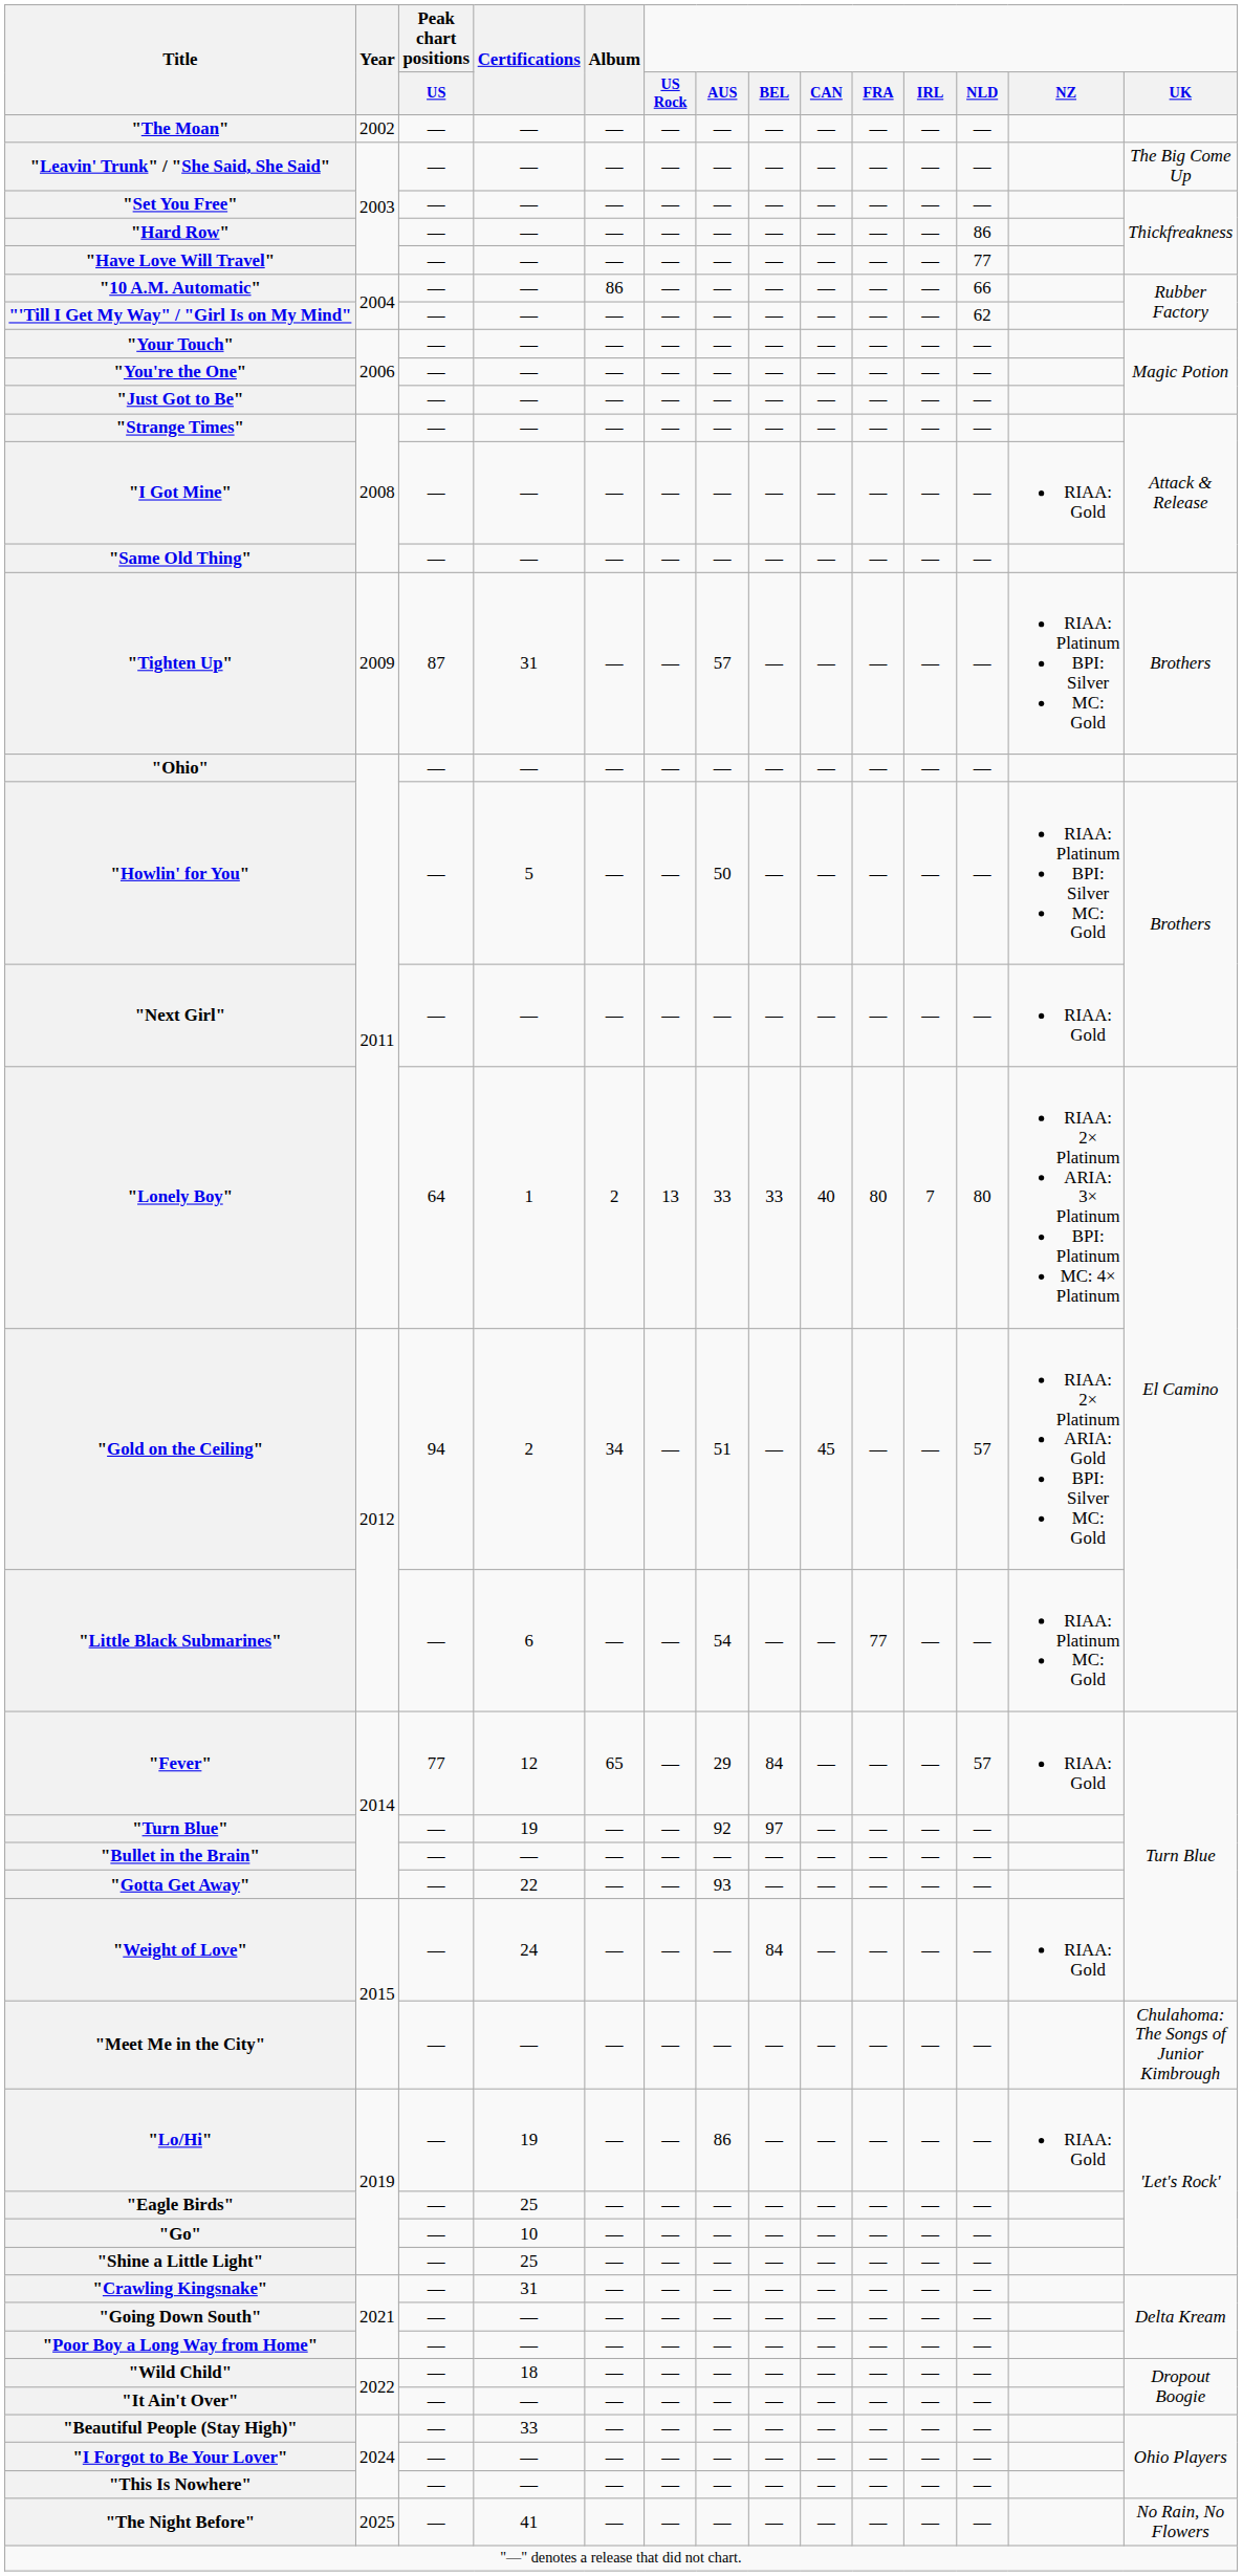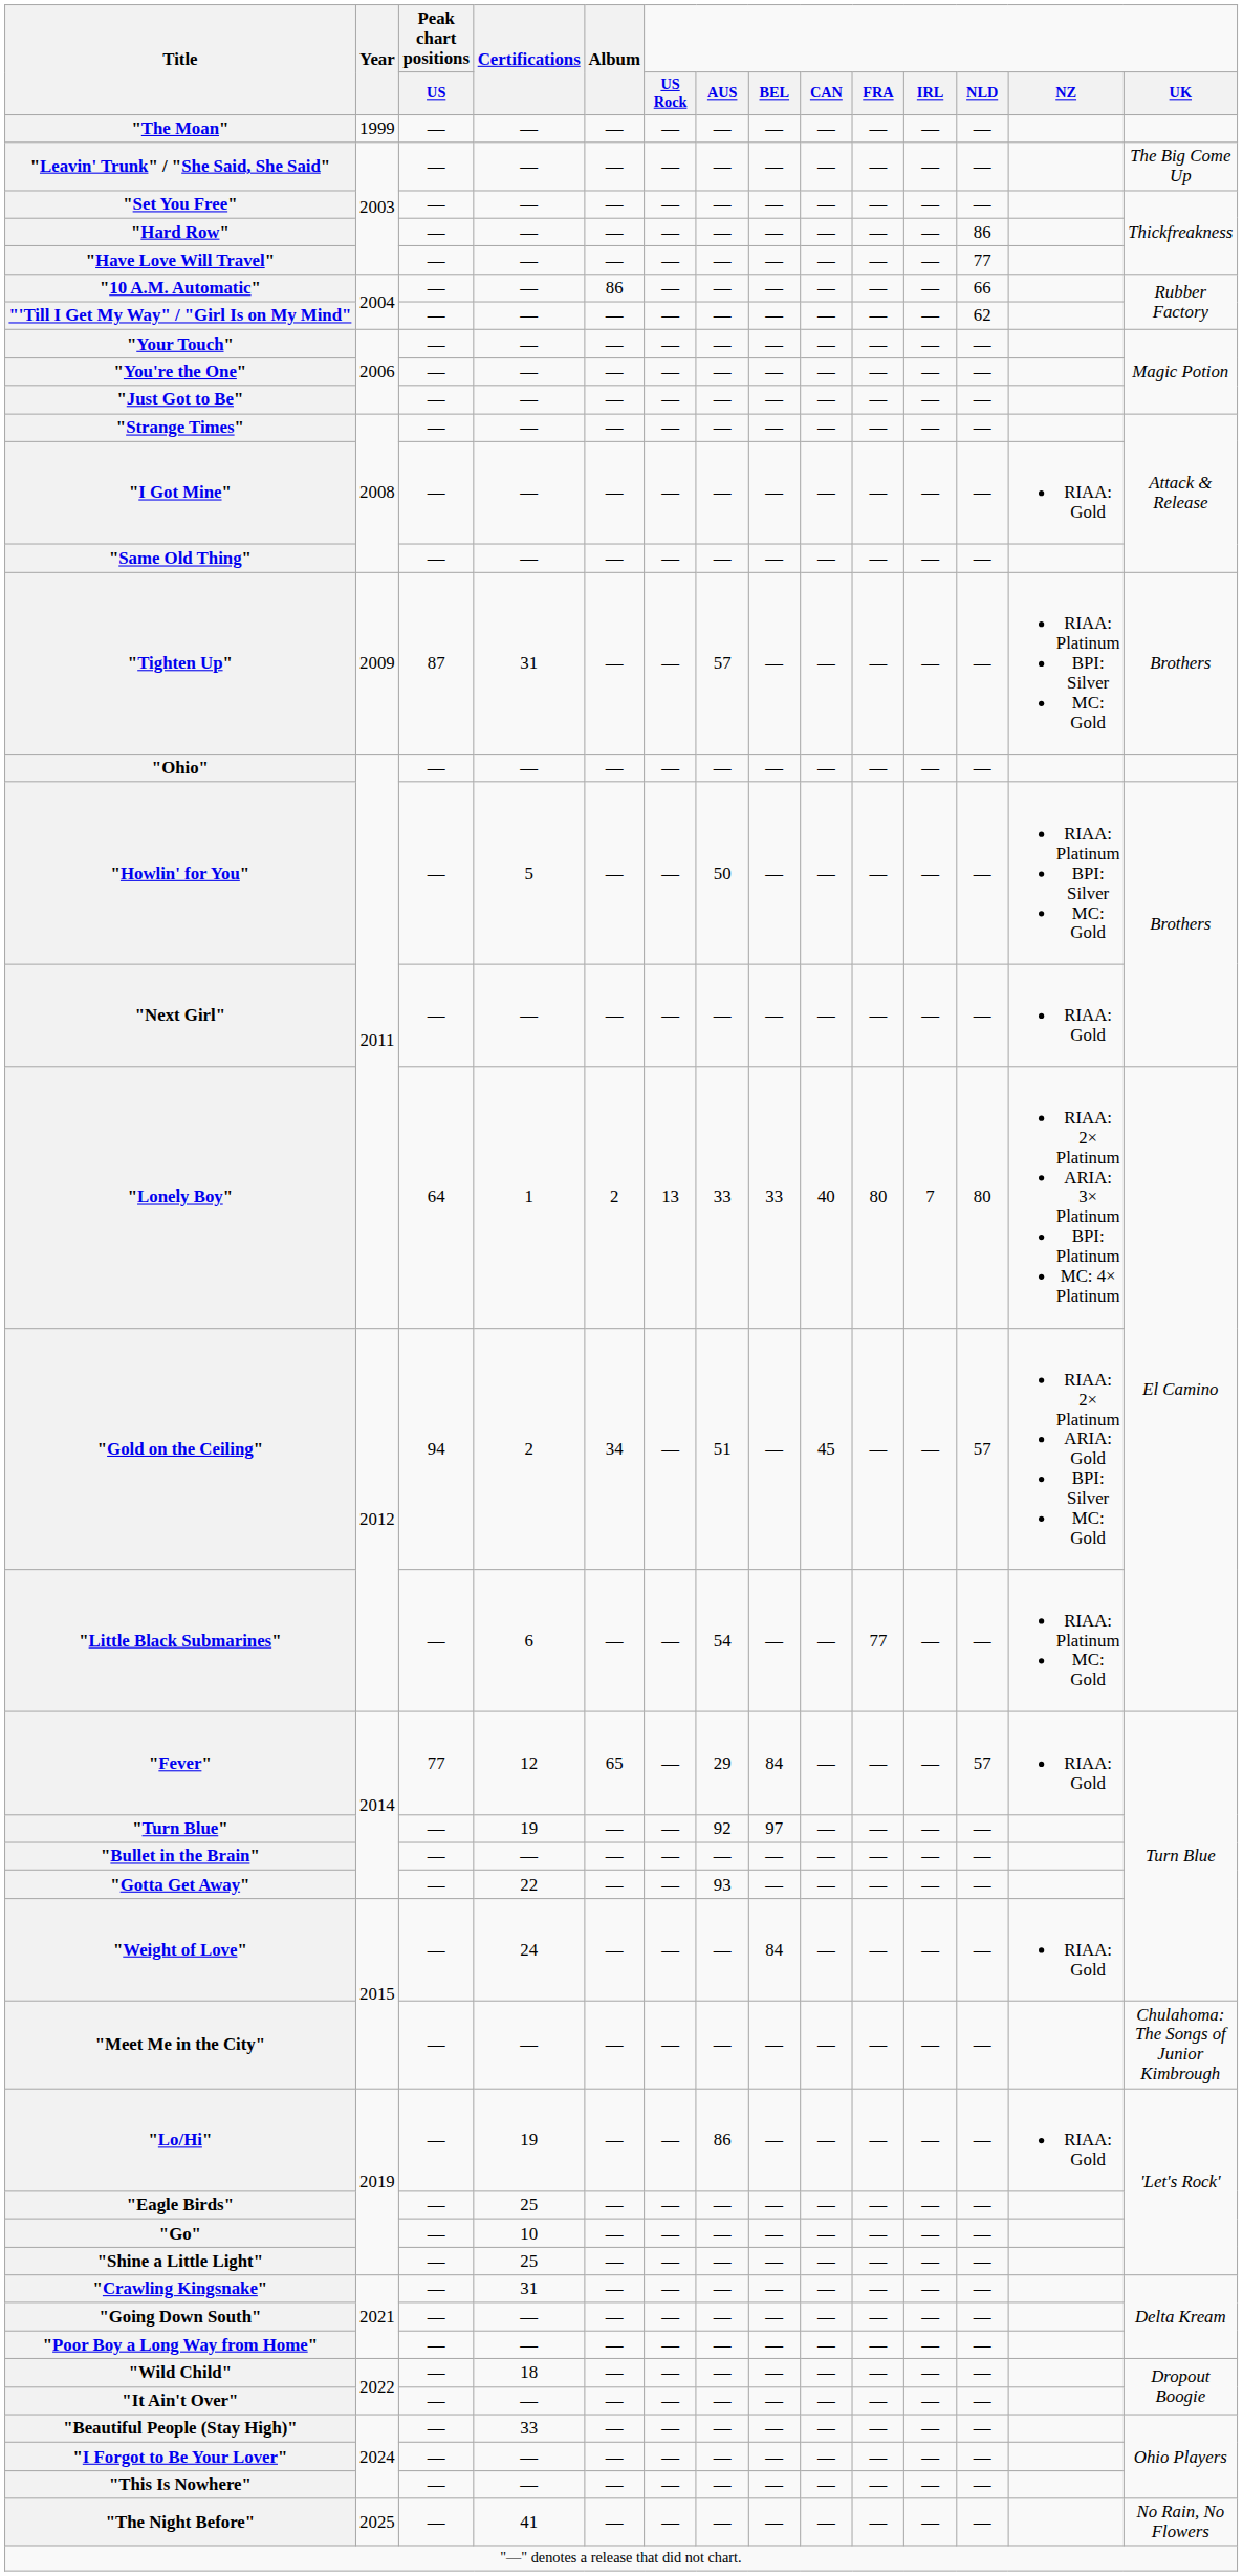 <table class="wikitable plainrowheaders" style="text-align:center;">
 <tr>
 <th scope="col" rowspan="2">Title</th>
 <th scope="col" rowspan="2">Year</th>
 <th scope="col" colspan="1">Peak chart positions</th>
 <th scope="col" rowspan="2"><a href='#'>Certifications</a></th>
 <th scope="col" rowspan="2">Album</th>
 </tr>
 <tr>
 <th scope="col" style="width:3em;font-size:85%"><a href='#'>US</a><br></th>
 <th scope="col" style="width:3em;font-size:85%"><a href='#'>US<br>Rock</a><br></th>
 <th scope="col" style="width:3em;font-size:85%"><a href='#'>AUS</a><br></th>
 <th scope="col" style="width:3em;font-size:85%"><a href='#'>BEL</a><br></th>
 <th scope="col" style="width:3em;font-size:85%"><a href='#'>CAN</a><br></th>
 <th scope="col" style="width:3em;font-size:85%"><a href='#'>FRA</a><br></th>
 <th scope="col" style="width:3em;font-size:85%"><a href='#'>IRL</a><br></th>
 <th scope="col" style="width:3em;font-size:85%"><a href='#'>NLD</a><br></th>
 <th scope="col" style="width:3em;font-size:85%"><a href='#'>NZ</a><br></th>
 <th scope="col" style="width:3em;font-size:85%"><a href='#'>UK</a><br></th>
 </tr>
 <tr>
 <th scope="row">"<a href='#'>The Moan</a>"</th>
-<td>2002</td>
+<td>1999</td>
 <td>—</td>
 <td>—</td>
 <td>—</td>
 <td>—</td>
 <td>—</td>
 <td>—</td>
 <td>—</td>
 <td>—</td>
 <td>—</td>
 <td>—</td>
 <td></td>
 <td></td>
 </tr>
 <tr>
 <th scope="row">"<a href='#'>Leavin' Trunk</a>" / "<a href='#'>She Said, She Said</a>"</th>
 <td rowspan="4">2003</td>
 <td>—</td>
 <td>—</td>
 <td>—</td>
 <td>—</td>
 <td>—</td>
 <td>—</td>
 <td>—</td>
 <td>—</td>
 <td>—</td>
 <td>—</td>
 <td></td>
 <td><em>The Big Come Up</em></td>
 </tr>
 <tr>
 <th scope="row">"<a href='#'>Set You Free</a>"</th>
 <td>—</td>
 <td>—</td>
 <td>—</td>
 <td>—</td>
 <td>—</td>
 <td>—</td>
 <td>—</td>
 <td>—</td>
 <td>—</td>
 <td>—</td>
 <td></td>
 <td rowspan="3"><em>Thickfreakness</em></td>
 </tr>
 <tr>
 <th scope="row">"<a href='#'>Hard Row</a>"</th>
 <td>—</td>
 <td>—</td>
 <td>—</td>
 <td>—</td>
 <td>—</td>
 <td>—</td>
 <td>—</td>
 <td>—</td>
 <td>—</td>
 <td>86</td>
 <td></td>
 </tr>
 <tr>
 <th scope="row">"<a href='#'>Have Love Will Travel</a>"</th>
 <td>—</td>
 <td>—</td>
 <td>—</td>
 <td>—</td>
 <td>—</td>
 <td>—</td>
 <td>—</td>
 <td>—</td>
 <td>—</td>
 <td>77</td>
 <td></td>
 </tr>
 <tr>
 <th scope="row">"<a href='#'>10 A.M. Automatic</a>"</th>
 <td rowspan="2">2004</td>
 <td>—</td>
 <td>—</td>
 <td>86</td>
 <td>—</td>
 <td>—</td>
 <td>—</td>
 <td>—</td>
 <td>—</td>
 <td>—</td>
 <td>66</td>
 <td></td>
 <td rowspan="2"><em>Rubber Factory</em></td>
 </tr>
 <tr>
 <th scope="row"><a href='#'>"'Till I Get My Way" / "Girl Is on My Mind"</a></th>
 <td>—</td>
 <td>—</td>
 <td>—</td>
 <td>—</td>
 <td>—</td>
 <td>—</td>
 <td>—</td>
 <td>—</td>
 <td>—</td>
 <td>62</td>
 <td></td>
 </tr>
 <tr>
 <th scope="row">"<a href='#'>Your Touch</a>"</th>
 <td rowspan="3">2006</td>
 <td>—</td>
 <td>—</td>
 <td>—</td>
 <td>—</td>
 <td>—</td>
 <td>—</td>
 <td>—</td>
 <td>—</td>
 <td>—</td>
 <td>—</td>
 <td></td>
 <td rowspan="3"><em>Magic Potion</em></td>
 </tr>
 <tr>
 <th scope="row">"<a href='#'>You're the One</a>"</th>
 <td>—</td>
 <td>—</td>
 <td>—</td>
 <td>—</td>
 <td>—</td>
 <td>—</td>
 <td>—</td>
 <td>—</td>
 <td>—</td>
 <td>—</td>
 <td></td>
 </tr>
 <tr>
 <th scope="row">"<a href='#'>Just Got to Be</a>"</th>
 <td>—</td>
 <td>—</td>
 <td>—</td>
 <td>—</td>
 <td>—</td>
 <td>—</td>
 <td>—</td>
 <td>—</td>
 <td>—</td>
 <td>—</td>
 <td></td>
 </tr>
 <tr>
 <th scope="row">"<a href='#'>Strange Times</a>"</th>
 <td rowspan="3">2008</td>
 <td>—</td>
 <td>—</td>
 <td>—</td>
 <td>—</td>
 <td>—</td>
 <td>—</td>
 <td>—</td>
 <td>—</td>
 <td>—</td>
 <td>—</td>
 <td></td>
 <td rowspan="3"><em>Attack & Release</em></td>
 </tr>
 <tr>
 <th scope="row">"<a href='#'>I Got Mine</a>"</th>
 <td>—</td>
 <td>—</td>
 <td>—</td>
 <td>—</td>
 <td>—</td>
 <td>—</td>
 <td>—</td>
 <td>—</td>
 <td>—</td>
 <td>—</td>
 <td><br><ul><li>RIAA: Gold</li></ul></td>
 </tr>
 <tr>
 <th scope="row">"<a href='#'>Same Old Thing</a>"</th>
 <td>—</td>
 <td>—</td>
 <td>—</td>
 <td>—</td>
 <td>—</td>
 <td>—</td>
 <td>—</td>
 <td>—</td>
 <td>—</td>
 <td>—</td>
 <td></td>
 </tr>
 <tr>
 <th scope="row">"<a href='#'>Tighten Up</a>"</th>
 <td>2009</td>
 <td>87</td>
 <td>31</td>
 <td>—</td>
 <td>—</td>
 <td>57</td>
 <td>—</td>
 <td>—</td>
 <td>—</td>
 <td>—</td>
 <td>—</td>
 <td><br><ul><li>RIAA: Platinum</li><li>BPI: Silver</li><li>MC: Gold</li></ul></td>
 <td><em>Brothers</em></td>
 </tr>
 <tr>
 <th scope="row">"Ohio"</th>
 <td rowspan="4">2011</td>
 <td>—</td>
 <td>—</td>
 <td>—</td>
 <td>—</td>
 <td>—</td>
 <td>—</td>
 <td>—</td>
 <td>—</td>
 <td>—</td>
 <td>—</td>
 <td></td>
 <td></td>
 </tr>
 <tr>
 <th scope="row">"<a href='#'>Howlin' for You</a>"</th>
 <td>—</td>
 <td>5</td>
 <td>—</td>
 <td>—</td>
 <td>50</td>
 <td>—</td>
 <td>—</td>
 <td>—</td>
 <td>—</td>
 <td>—</td>
 <td><br><ul><li>RIAA: Platinum</li><li>BPI: Silver</li><li>MC: Gold</li></ul></td>
 <td rowspan="2"><em>Brothers</em></td>
 </tr>
 <tr>
 <th scope="row">"Next Girl"</th>
 <td>—</td>
 <td>—</td>
 <td>—</td>
 <td>—</td>
 <td>—</td>
 <td>—</td>
 <td>—</td>
 <td>—</td>
 <td>—</td>
 <td>—</td>
 <td><br><ul><li>RIAA: Gold</li></ul></td>
 </tr>
 <tr>
 <th scope="row">"<a href='#'>Lonely Boy</a>"</th>
 <td>64</td>
 <td>1</td>
 <td>2</td>
 <td>13</td>
 <td>33</td>
 <td>33</td>
 <td>40</td>
 <td>80</td>
 <td>7</td>
 <td>80</td>
 <td><br><ul><li>RIAA: 2× Platinum</li><li>ARIA: 3× Platinum</li><li>BPI: Platinum</li><li>MC: 4× Platinum</li></ul></td>
 <td rowspan="3"><em>El Camino</em></td>
 </tr>
 <tr>
 <th scope="row">"<a href='#'>Gold on the Ceiling</a>"</th>
 <td rowspan="2">2012</td>
 <td>94</td>
 <td>2</td>
 <td>34</td>
 <td>—</td>
 <td>51</td>
 <td>—</td>
 <td>45</td>
 <td>—</td>
 <td>—</td>
 <td>57</td>
 <td><br><ul><li>RIAA: 2× Platinum</li><li>ARIA: Gold</li><li>BPI: Silver</li><li>MC: Gold</li></ul></td>
 </tr>
 <tr>
 <th scope="row">"<a href='#'>Little Black Submarines</a>"</th>
 <td>—</td>
 <td>6</td>
 <td>—</td>
 <td>—</td>
 <td>54</td>
 <td>—</td>
 <td>—</td>
 <td>77</td>
 <td>—</td>
 <td>—</td>
 <td><br><ul><li>RIAA: Platinum</li><li>MC: Gold</li></ul></td>
 </tr>
 <tr>
 <th scope="row">"<a href='#'>Fever</a>"</th>
 <td rowspan="4">2014</td>
 <td>77</td>
 <td>12</td>
 <td>65</td>
 <td>—</td>
 <td>29</td>
 <td>84</td>
 <td>—</td>
 <td>—</td>
 <td>—</td>
 <td>57</td>
 <td><br><ul><li>RIAA: Gold</li></ul></td>
 <td rowspan="5"><em>Turn Blue</em></td>
 </tr>
 <tr>
 <th scope="row">"<a href='#'>Turn Blue</a>"</th>
 <td>—</td>
 <td>19</td>
 <td>—</td>
 <td>—</td>
 <td>92</td>
 <td>97</td>
 <td>—</td>
 <td>—</td>
 <td>—</td>
 <td>—</td>
 <td></td>
 </tr>
 <tr>
 <th scope="row">"<a href='#'>Bullet in the Brain</a>"</th>
 <td>—</td>
 <td>—</td>
 <td>—</td>
 <td>—</td>
 <td>—</td>
 <td>—</td>
 <td>—</td>
 <td>—</td>
 <td>—</td>
 <td>—</td>
 <td></td>
 </tr>
 <tr>
 <th scope="row">"<a href='#'>Gotta Get Away</a>"</th>
 <td>—</td>
 <td>22</td>
 <td>—</td>
 <td>—</td>
 <td>93</td>
 <td>—</td>
 <td>—</td>
 <td>—</td>
 <td>—</td>
 <td>—</td>
 <td></td>
 </tr>
 <tr>
 <th scope="row">"<a href='#'>Weight of Love</a>"</th>
 <td rowspan="2">2015</td>
 <td>—</td>
 <td>24</td>
 <td>—</td>
 <td>—</td>
 <td>—</td>
 <td>84</td>
 <td>—</td>
 <td>—</td>
 <td>—</td>
 <td>—</td>
 <td><br><ul><li>RIAA: Gold</li></ul></td>
 </tr>
 <tr>
 <th scope="row">"Meet Me in the City"</th>
 <td>—</td>
 <td>—</td>
 <td>—</td>
 <td>—</td>
 <td>—</td>
 <td>—</td>
 <td>—</td>
 <td>—</td>
 <td>—</td>
 <td>—</td>
 <td></td>
 <td><em>Chulahoma: The Songs of Junior Kimbrough</em></td>
 </tr>
 <tr>
 <th scope="row">"<a href='#'>Lo/Hi</a>"</th>
 <td rowspan="4">2019</td>
 <td>—</td>
 <td>19</td>
 <td>—</td>
 <td>—</td>
 <td>86</td>
 <td>—</td>
 <td>—</td>
 <td>—</td>
 <td>—</td>
 <td>—</td>
 <td><br><ul><li>RIAA: Gold</li></ul></td>
 <td rowspan="4"><em> 'Let's Rock' </em></td>
 </tr>
 <tr>
 <th scope="row">"Eagle Birds"</th>
 <td>—</td>
 <td>25</td>
 <td>—</td>
 <td>—</td>
 <td>—</td>
 <td>—</td>
 <td>—</td>
 <td>—</td>
 <td>—</td>
 <td>—</td>
 <td></td>
 </tr>
 <tr>
 <th scope="row">"Go"</th>
 <td>—</td>
 <td>10</td>
 <td>—</td>
 <td>—</td>
 <td>—</td>
 <td>—</td>
 <td>—</td>
 <td>—</td>
 <td>—</td>
 <td>—</td>
 <td></td>
 </tr>
 <tr>
 <th scope="row">"Shine a Little Light"</th>
 <td>—</td>
 <td>25</td>
 <td>—</td>
 <td>—</td>
 <td>—</td>
 <td>—</td>
 <td>—</td>
 <td>—</td>
 <td>—</td>
 <td>—</td>
 <td></td>
 </tr>
 <tr>
 <th scope="row">"<a href='#'>Crawling Kingsnake</a>"</th>
 <td rowspan="3">2021</td>
 <td>—</td>
 <td>31</td>
 <td>—</td>
 <td>—</td>
 <td>—</td>
 <td>—</td>
 <td>—</td>
 <td>—</td>
 <td>—</td>
 <td>—</td>
 <td></td>
 <td rowspan="3"><em>Delta Kream</em></td>
 </tr>
 <tr>
 <th scope="row">"Going Down South"</th>
 <td>—</td>
 <td>—</td>
 <td>—</td>
 <td>—</td>
 <td>—</td>
 <td>—</td>
 <td>—</td>
 <td>—</td>
 <td>—</td>
 <td>—</td>
 <td></td>
 </tr>
 <tr>
 <th scope="row">"<a href='#'>Poor Boy a Long Way from Home</a>"</th>
 <td>—</td>
 <td>—</td>
 <td>—</td>
 <td>—</td>
 <td>—</td>
 <td>—</td>
 <td>—</td>
 <td>—</td>
 <td>—</td>
 <td>—</td>
 <td></td>
 </tr>
 <tr>
 <th scope="row">"Wild Child"</th>
 <td rowspan="2">2022</td>
 <td>—</td>
 <td>18</td>
 <td>—</td>
 <td>—</td>
 <td>—</td>
 <td>—</td>
 <td>—</td>
 <td>—</td>
 <td>—</td>
 <td>—</td>
 <td></td>
 <td rowspan="2"><em>Dropout Boogie</em></td>
 </tr>
 <tr>
 <th scope="row">"It Ain't Over"</th>
 <td>—</td>
 <td>—</td>
 <td>—</td>
 <td>—</td>
 <td>—</td>
 <td>—</td>
 <td>—</td>
 <td>—</td>
 <td>—</td>
 <td>—</td>
 <td></td>
 </tr>
 <tr>
 <th scope="row">"Beautiful People (Stay High)"</th>
 <td rowspan="3">2024</td>
 <td>—</td>
 <td>33</td>
 <td>—</td>
 <td>—</td>
 <td>—</td>
 <td>—</td>
 <td>—</td>
 <td>—</td>
 <td>—</td>
 <td>—</td>
 <td></td>
 <td rowspan="3"><em>Ohio Players</em></td>
 </tr>
 <tr>
 <th scope="row">"<a href='#'>I Forgot to Be Your Lover</a>"</th>
 <td>—</td>
 <td>—</td>
 <td>—</td>
 <td>—</td>
 <td>—</td>
 <td>—</td>
 <td>—</td>
 <td>—</td>
 <td>—</td>
 <td>—</td>
 <td></td>
 </tr>
 <tr>
 <th scope="row">"This Is Nowhere"</th>
 <td>—</td>
 <td>—</td>
 <td>—</td>
 <td>—</td>
 <td>—</td>
 <td>—</td>
 <td>—</td>
 <td>—</td>
 <td>—</td>
 <td>—</td>
 <td></td>
 </tr>
 <tr>
 <th scope="row">"The Night Before"</th>
 <td>2025</td>
 <td>—</td>
 <td>41</td>
 <td>—</td>
 <td>—</td>
 <td>—</td>
 <td>—</td>
 <td>—</td>
 <td>—</td>
 <td>—</td>
 <td>—</td>
 <td></td>
 <td><em>No Rain, No Flowers</em></td>
 </tr>
 <tr>
 <td colspan="18" style="font-size:85%;">"—" denotes a release that did not chart.</td>
 </tr>
 </table>
